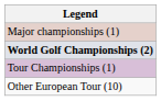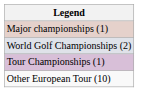 <table class="wikitable" style="font-size:95%;">
 <tr>
 <th>Legend</th>
 </tr>
 <tr style="background:#e5d1cb;">
 <td>Major championships (1)</td>
 </tr>
 <tr style="background:#dfe2e9;">
-<td><strong>World Golf Championships (2)</strong></td>
+<td>World Golf Championships (2)</td>
 </tr>
 <tr style="background:thistle">
 <td>Tour Championships (1)</td>
 </tr>
 <tr>
 <td>Other European Tour (10)</td>
 </tr>
 </table>
